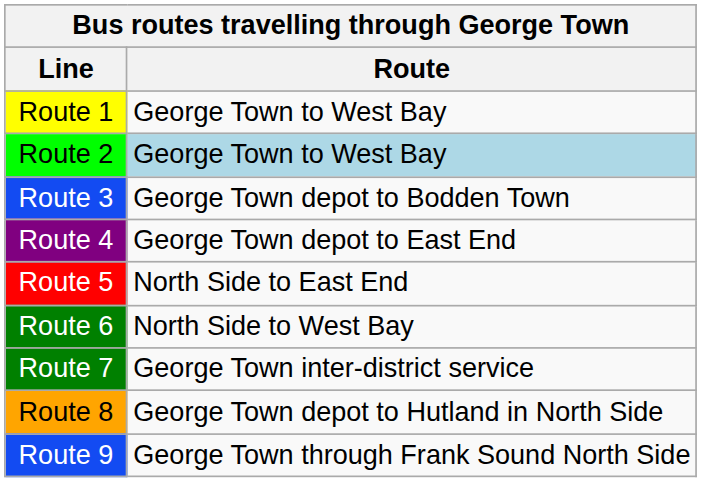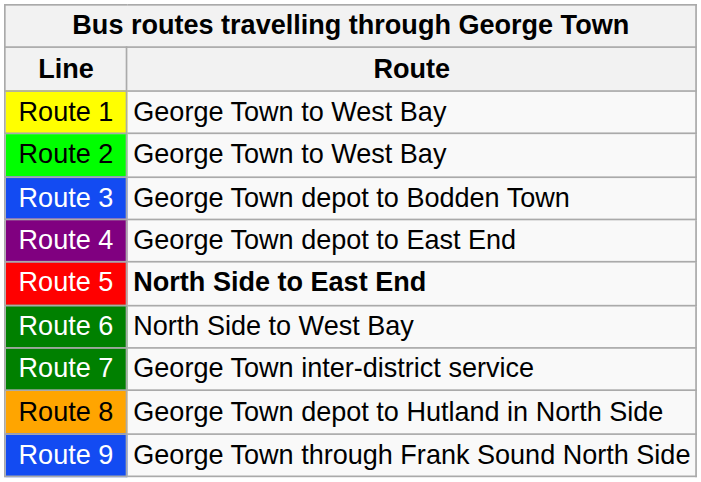 <table class="wikitable collapsible">
 <tr>
 <th colspan="3">Bus routes travelling through George Town</th>
 </tr>
 <tr>
 <th>Line</th>
 <th>Route</th>
 </tr>
 <tr>
 <td style="text-align:center; background-color:yellow;color:black"> Route 1 </td>
 <td>George Town to West Bay</td>
 </tr>
 <tr>
 <td style="text-align:center; background-color:lime;color:black"> Route 2 </td>
-<td style="background: lightblue;">George Town to West Bay</td>
+<td>George Town to West Bay</td>
 </tr>
 <tr>
 <td style="text-align:center; background-color:#134BF2;color:white"> Route 3 </td>
 <td>George Town depot to Bodden Town</td>
 </tr>
 <tr>
 <td style="text-align:center; background-color:purple;color:white"> Route 4 </td>
 <td>George Town depot to East End</td>
 </tr>
 <tr>
 <td style="text-align:center; background-color:red;color:white"> Route 5 </td>
-<td>North Side to East End</td>
+<td><strong>North Side to East End</strong></td>
 </tr>
 <tr>
 <td style="text-align:center; background-color:green;color:white"> Route 6 </td>
 <td>North Side to West Bay</td>
 </tr>
 <tr>
 <td style="text-align:center; background-color:green;color:white"> Route 7 </td>
 <td>George Town inter-district service</td>
 </tr>
 <tr>
 <td style="text-align:center; background-color:orange;color:black"> Route 8 </td>
 <td>George Town depot to Hutland in North Side</td>
 </tr>
 <tr>
 <td style="text-align:center; background-color:#134BF2;color:white"> Route 9 </td>
 <td>George Town through Frank Sound North Side</td>
 </tr>
 </table>
